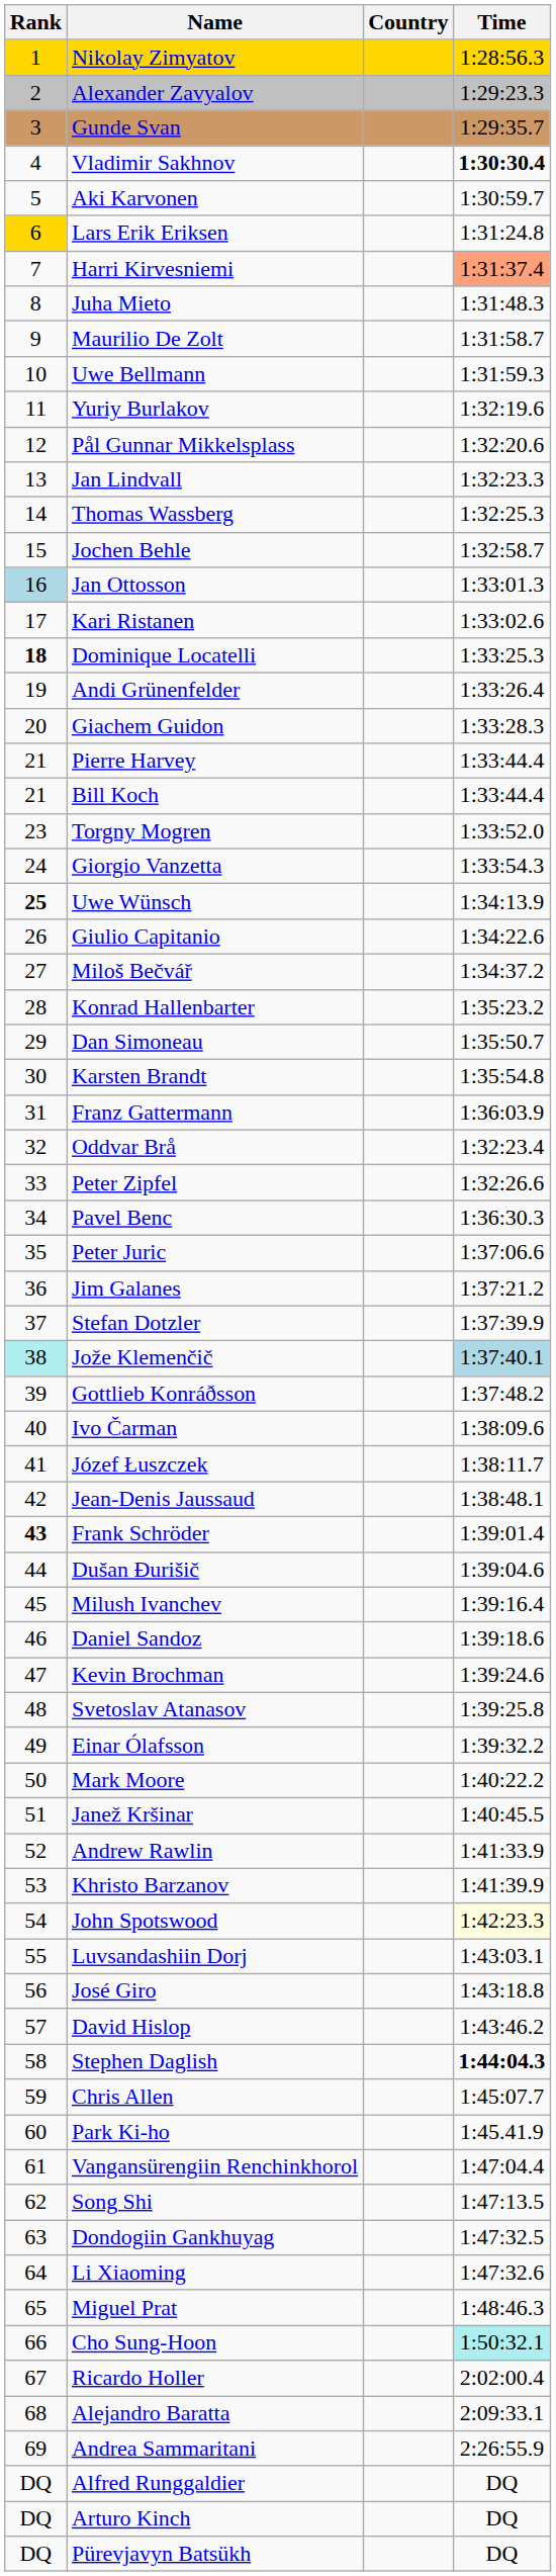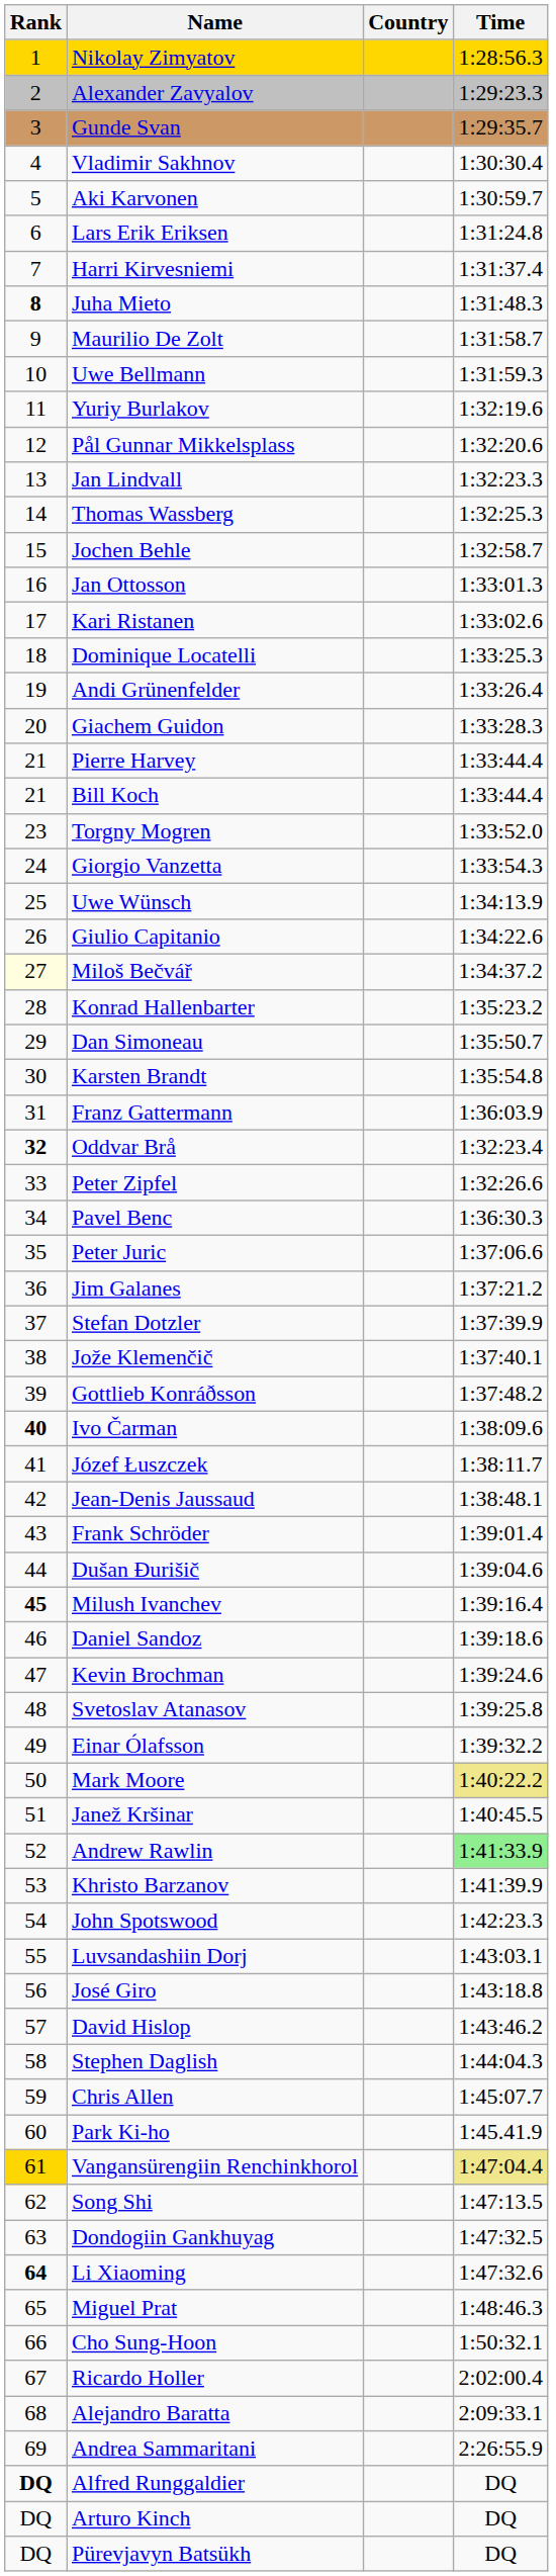 <table class="wikitable sortable" style="text-align:center">
 <tr>
 <th>Rank</th>
 <th>Name</th>
 <th>Country</th>
 <th>Time</th>
 </tr>
 <tr bgcolor=gold>
 <td>1</td>
 <td align="left"><a href='#'>Nikolay Zimyatov</a></td>
 <td align="left"></td>
 <td>1:28:56.3</td>
 </tr>
 <tr bgcolor=silver>
 <td>2</td>
 <td align="left"><a href='#'>Alexander Zavyalov</a></td>
 <td align="left"></td>
 <td>1:29:23.3</td>
 </tr>
 <tr bgcolor=#CC9966>
 <td>3</td>
 <td align="left"><a href='#'>Gunde Svan</a></td>
 <td align="left"></td>
 <td>1:29:35.7</td>
 </tr>
 <tr>
 <td>4</td>
 <td align="left"><a href='#'>Vladimir Sakhnov</a></td>
 <td align="left"></td>
-<td><strong>1:30:30.4</strong></td>
+<td>1:30:30.4</td>
 </tr>
 <tr>
 <td>5</td>
 <td align="left"><a href='#'>Aki Karvonen</a></td>
 <td align="left"></td>
 <td>1:30:59.7</td>
 </tr>
 <tr>
-<td style="background: gold;">6</td>
+<td>6</td>
 <td align="left"><a href='#'>Lars Erik Eriksen</a></td>
 <td align="left"></td>
 <td>1:31:24.8</td>
 </tr>
 <tr>
 <td>7</td>
 <td align="left"><a href='#'>Harri Kirvesniemi</a></td>
 <td align="left"></td>
-<td style="background: lightsalmon;">1:31:37.4</td>
+<td>1:31:37.4</td>
 </tr>
 <tr>
-<td>8</td>
+<td><strong>8</strong></td>
 <td align="left"><a href='#'>Juha Mieto</a></td>
 <td align="left"></td>
 <td>1:31:48.3</td>
 </tr>
 <tr>
 <td>9</td>
 <td align="left"><a href='#'>Maurilio De Zolt</a></td>
 <td align="left"></td>
 <td>1:31:58.7</td>
 </tr>
 <tr>
 <td>10</td>
 <td align="left"><a href='#'>Uwe Bellmann</a></td>
 <td align="left"></td>
 <td>1:31:59.3</td>
 </tr>
 <tr>
 <td>11</td>
 <td align="left"><a href='#'>Yuriy Burlakov</a></td>
 <td align="left"></td>
 <td>1:32:19.6</td>
 </tr>
 <tr>
 <td>12</td>
 <td align="left"><a href='#'>Pål Gunnar Mikkelsplass</a></td>
 <td align="left"></td>
 <td>1:32:20.6</td>
 </tr>
 <tr>
 <td>13</td>
 <td align="left"><a href='#'>Jan Lindvall</a></td>
 <td align="left"></td>
 <td>1:32:23.3</td>
 </tr>
 <tr>
 <td>14</td>
 <td align="left"><a href='#'>Thomas Wassberg</a></td>
 <td align="left"></td>
 <td>1:32:25.3</td>
 </tr>
 <tr>
 <td>15</td>
 <td align="left"><a href='#'>Jochen Behle</a></td>
 <td align="left"></td>
 <td>1:32:58.7</td>
 </tr>
 <tr>
-<td style="background: lightblue;">16</td>
+<td>16</td>
 <td align="left"><a href='#'>Jan Ottosson</a></td>
 <td align="left"></td>
 <td>1:33:01.3</td>
 </tr>
 <tr>
 <td>17</td>
 <td align="left"><a href='#'>Kari Ristanen</a></td>
 <td align="left"></td>
 <td>1:33:02.6</td>
 </tr>
 <tr>
-<td><strong>18</strong></td>
+<td>18</td>
 <td align="left"><a href='#'>Dominique Locatelli</a></td>
 <td align="left"></td>
 <td>1:33:25.3</td>
 </tr>
 <tr>
 <td>19</td>
 <td align="left"><a href='#'>Andi Grünenfelder</a></td>
 <td align="left"></td>
 <td>1:33:26.4</td>
 </tr>
 <tr>
 <td>20</td>
 <td align="left"><a href='#'>Giachem Guidon</a></td>
 <td align="left"></td>
 <td>1:33:28.3</td>
 </tr>
 <tr>
 <td>21</td>
 <td align="left"><a href='#'>Pierre Harvey</a></td>
 <td align="left"></td>
 <td>1:33:44.4</td>
 </tr>
 <tr>
 <td>21</td>
 <td align="left"><a href='#'>Bill Koch</a></td>
 <td align="left"></td>
 <td>1:33:44.4</td>
 </tr>
 <tr>
 <td>23</td>
 <td align="left"><a href='#'>Torgny Mogren</a></td>
 <td align="left"></td>
 <td>1:33:52.0</td>
 </tr>
 <tr>
 <td>24</td>
 <td align="left"><a href='#'>Giorgio Vanzetta</a></td>
 <td align="left"></td>
 <td>1:33:54.3</td>
 </tr>
 <tr>
-<td><strong>25</strong></td>
+<td>25</td>
 <td align="left"><a href='#'>Uwe Wünsch</a></td>
 <td align="left"></td>
 <td>1:34:13.9</td>
 </tr>
 <tr>
 <td>26</td>
 <td align="left"><a href='#'>Giulio Capitanio</a></td>
 <td align="left"></td>
 <td>1:34:22.6</td>
 </tr>
 <tr>
-<td>27</td>
+<td style="background: lightyellow;">27</td>
 <td align="left"><a href='#'>Miloš Bečvář</a></td>
 <td align="left"></td>
 <td>1:34:37.2</td>
 </tr>
 <tr>
 <td>28</td>
 <td align="left"><a href='#'>Konrad Hallenbarter</a></td>
 <td align="left"></td>
 <td>1:35:23.2</td>
 </tr>
 <tr>
 <td>29</td>
 <td align="left"><a href='#'>Dan Simoneau</a></td>
 <td align="left"></td>
 <td>1:35:50.7</td>
 </tr>
 <tr>
 <td>30</td>
 <td align="left"><a href='#'>Karsten Brandt</a></td>
 <td align="left"></td>
 <td>1:35:54.8</td>
 </tr>
 <tr>
 <td>31</td>
 <td align="left"><a href='#'>Franz Gattermann</a></td>
 <td align="left"></td>
 <td>1:36:03.9</td>
 </tr>
 <tr>
-<td>32</td>
+<td><strong>32</strong></td>
 <td align="left"><a href='#'>Oddvar Brå</a></td>
 <td align="left"></td>
 <td>1:32:23.4</td>
 </tr>
 <tr>
 <td>33</td>
 <td align="left"><a href='#'>Peter Zipfel</a></td>
 <td align="left"></td>
 <td>1:32:26.6</td>
 </tr>
 <tr>
 <td>34</td>
 <td align="left"><a href='#'>Pavel Benc</a></td>
 <td align="left"></td>
 <td>1:36:30.3</td>
 </tr>
 <tr>
 <td>35</td>
 <td align="left"><a href='#'>Peter Juric</a></td>
 <td align="left"></td>
 <td>1:37:06.6</td>
 </tr>
 <tr>
 <td>36</td>
 <td align="left"><a href='#'>Jim Galanes</a></td>
 <td align="left"></td>
 <td>1:37:21.2</td>
 </tr>
 <tr>
 <td>37</td>
 <td align="left"><a href='#'>Stefan Dotzler</a></td>
 <td align="left"></td>
 <td>1:37:39.9</td>
 </tr>
 <tr>
-<td style="background: paleturquoise;">38</td>
+<td>38</td>
 <td align="left"><a href='#'>Jože Klemenčič</a></td>
 <td align="left"></td>
-<td style="background: lightblue;">1:37:40.1</td>
+<td>1:37:40.1</td>
 </tr>
 <tr>
 <td>39</td>
 <td align="left"><a href='#'>Gottlieb Konráðsson</a></td>
 <td align="left"></td>
 <td>1:37:48.2</td>
 </tr>
 <tr>
-<td>40</td>
+<td><strong>40</strong></td>
 <td align="left"><a href='#'>Ivo Čarman</a></td>
 <td align="left"></td>
 <td>1:38:09.6</td>
 </tr>
 <tr>
 <td>41</td>
 <td align="left"><a href='#'>Józef Łuszczek</a></td>
 <td align="left"></td>
 <td>1:38:11.7</td>
 </tr>
 <tr>
 <td>42</td>
 <td align="left"><a href='#'>Jean-Denis Jaussaud</a></td>
 <td align="left"></td>
 <td>1:38:48.1</td>
 </tr>
 <tr>
-<td><strong>43</strong></td>
+<td>43</td>
 <td align="left"><a href='#'>Frank Schröder</a></td>
 <td align="left"></td>
 <td>1:39:01.4</td>
 </tr>
 <tr>
 <td>44</td>
 <td align="left"><a href='#'>Dušan Đurišič</a></td>
 <td align="left"></td>
 <td>1:39:04.6</td>
 </tr>
 <tr>
-<td>45</td>
+<td><strong>45</strong></td>
 <td align="left"><a href='#'>Milush Ivanchev</a></td>
 <td align="left"></td>
 <td>1:39:16.4</td>
 </tr>
 <tr>
 <td>46</td>
 <td align="left"><a href='#'>Daniel Sandoz</a></td>
 <td align="left"></td>
 <td>1:39:18.6</td>
 </tr>
 <tr>
 <td>47</td>
 <td align="left"><a href='#'>Kevin Brochman</a></td>
 <td align="left"></td>
 <td>1:39:24.6</td>
 </tr>
 <tr>
 <td>48</td>
 <td align="left"><a href='#'>Svetoslav Atanasov</a></td>
 <td align="left"></td>
 <td>1:39:25.8</td>
 </tr>
 <tr>
 <td>49</td>
 <td align="left"><a href='#'>Einar Ólafsson</a></td>
 <td align="left"></td>
 <td>1:39:32.2</td>
 </tr>
 <tr>
 <td>50</td>
 <td align="left"><a href='#'>Mark Moore</a></td>
 <td align="left"></td>
-<td>1:40:22.2</td>
+<td style="background: khaki;">1:40:22.2</td>
 </tr>
 <tr>
 <td>51</td>
 <td align="left"><a href='#'>Janež Kršinar</a></td>
 <td align="left"></td>
 <td>1:40:45.5</td>
 </tr>
 <tr>
 <td>52</td>
 <td align="left"><a href='#'>Andrew Rawlin</a></td>
 <td align="left"></td>
-<td>1:41:33.9</td>
+<td style="background: lightgreen;">1:41:33.9</td>
 </tr>
 <tr>
 <td>53</td>
 <td align="left"><a href='#'>Khristo Barzanov</a></td>
 <td align="left"></td>
 <td>1:41:39.9</td>
 </tr>
 <tr>
 <td>54</td>
 <td align="left"><a href='#'>John Spotswood</a></td>
 <td align="left"></td>
-<td style="background: lightyellow;">1:42:23.3</td>
+<td>1:42:23.3</td>
 </tr>
 <tr>
 <td>55</td>
 <td align="left"><a href='#'>Luvsandashiin Dorj</a></td>
 <td align="left"></td>
 <td>1:43:03.1</td>
 </tr>
 <tr>
 <td>56</td>
 <td align="left"><a href='#'>José Giro</a></td>
 <td align="left"></td>
 <td>1:43:18.8</td>
 </tr>
 <tr>
 <td>57</td>
 <td align="left"><a href='#'>David Hislop</a></td>
 <td align="left"></td>
 <td>1:43:46.2</td>
 </tr>
 <tr>
 <td>58</td>
 <td align="left"><a href='#'>Stephen Daglish</a></td>
 <td align="left"></td>
-<td><strong>1:44:04.3</strong></td>
+<td>1:44:04.3</td>
 </tr>
 <tr>
 <td>59</td>
 <td align="left"><a href='#'>Chris Allen</a></td>
 <td align="left"></td>
 <td>1:45:07.7</td>
 </tr>
 <tr>
 <td>60</td>
 <td align="left"><a href='#'>Park Ki-ho</a></td>
 <td align="left"></td>
 <td>1:45.41.9</td>
 </tr>
 <tr>
-<td>61</td>
+<td style="background: gold;">61</td>
 <td align="left"><a href='#'>Vangansürengiin Renchinkhorol</a></td>
 <td align="left"></td>
-<td>1:47:04.4</td>
+<td style="background: khaki;">1:47:04.4</td>
 </tr>
 <tr>
 <td>62</td>
 <td align="left"><a href='#'>Song Shi</a></td>
 <td align="left"></td>
 <td>1:47:13.5</td>
 </tr>
 <tr>
 <td>63</td>
 <td align="left"><a href='#'>Dondogiin Gankhuyag</a></td>
 <td align="left"></td>
 <td>1:47:32.5</td>
 </tr>
 <tr>
-<td>64</td>
+<td><strong>64</strong></td>
 <td align="left"><a href='#'>Li Xiaoming</a></td>
 <td align="left"></td>
 <td>1:47:32.6</td>
 </tr>
 <tr>
 <td>65</td>
 <td align="left"><a href='#'>Miguel Prat</a></td>
 <td align="left"></td>
 <td>1:48:46.3</td>
 </tr>
 <tr>
 <td>66</td>
 <td align="left"><a href='#'>Cho Sung-Hoon</a></td>
 <td align="left"></td>
-<td style="background: paleturquoise;">1:50:32.1</td>
+<td>1:50:32.1</td>
 </tr>
 <tr>
 <td>67</td>
 <td align="left"><a href='#'>Ricardo Holler</a></td>
 <td align="left"></td>
 <td>2:02:00.4</td>
 </tr>
 <tr>
 <td>68</td>
 <td align="left"><a href='#'>Alejandro Baratta</a></td>
 <td align="left"></td>
 <td>2:09:33.1</td>
 </tr>
 <tr>
 <td>69</td>
 <td align="left"><a href='#'>Andrea Sammaritani</a></td>
 <td align="left"></td>
 <td>2:26:55.9</td>
 </tr>
 <tr>
-<td> DQ</td>
+<td><strong> DQ</strong></td>
 <td align="left"><a href='#'>Alfred Runggaldier</a></td>
 <td align="left"></td>
 <td>DQ</td>
 </tr>
 <tr>
 <td> DQ</td>
 <td align="left"><a href='#'>Arturo Kinch</a></td>
 <td align="left"></td>
 <td>DQ</td>
 </tr>
 <tr>
 <td> DQ</td>
 <td align="left"><a href='#'>Pürevjavyn Batsükh</a></td>
 <td align="left"></td>
 <td>DQ</td>
 </tr>
 </table>
